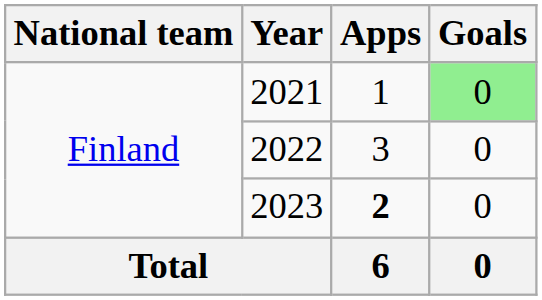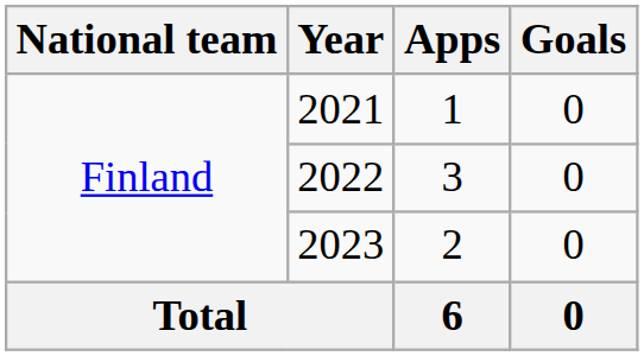 <table class="wikitable" style="text-align: center;">
 <tr>
 <th>National team</th>
 <th>Year</th>
 <th>Apps</th>
 <th>Goals</th>
 </tr>
 <tr>
 <td rowspan="3"><a href='#'>Finland</a></td>
 <td>2021</td>
 <td>1</td>
-<td style="background: lightgreen;">0</td>
+<td>0</td>
 </tr>
 <tr>
 <td>2022</td>
 <td>3</td>
 <td>0</td>
 </tr>
 <tr>
 <td>2023</td>
-<td><strong>2</strong></td>
+<td>2</td>
 <td>0</td>
 </tr>
 <tr>
 <th colspan="2">Total</th>
 <th>6</th>
 <th>0</th>
 </tr>
 </table>
